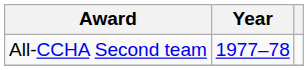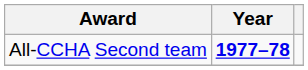 <table class="wikitable">
 <tr>
 <th>Award</th>
 <th>Year</th>
 <th></th>
 </tr>
 <tr>
 <td>All-<a href='#'>CCHA</a> <a href='#'>Second team</a></td>
-<td><a href='#'>1977–78</a></td>
+<td><strong><a href='#'>1977–78</a></strong></td>
 <td></td>
 </tr>
 <tr>
 </tr>
 </table>
